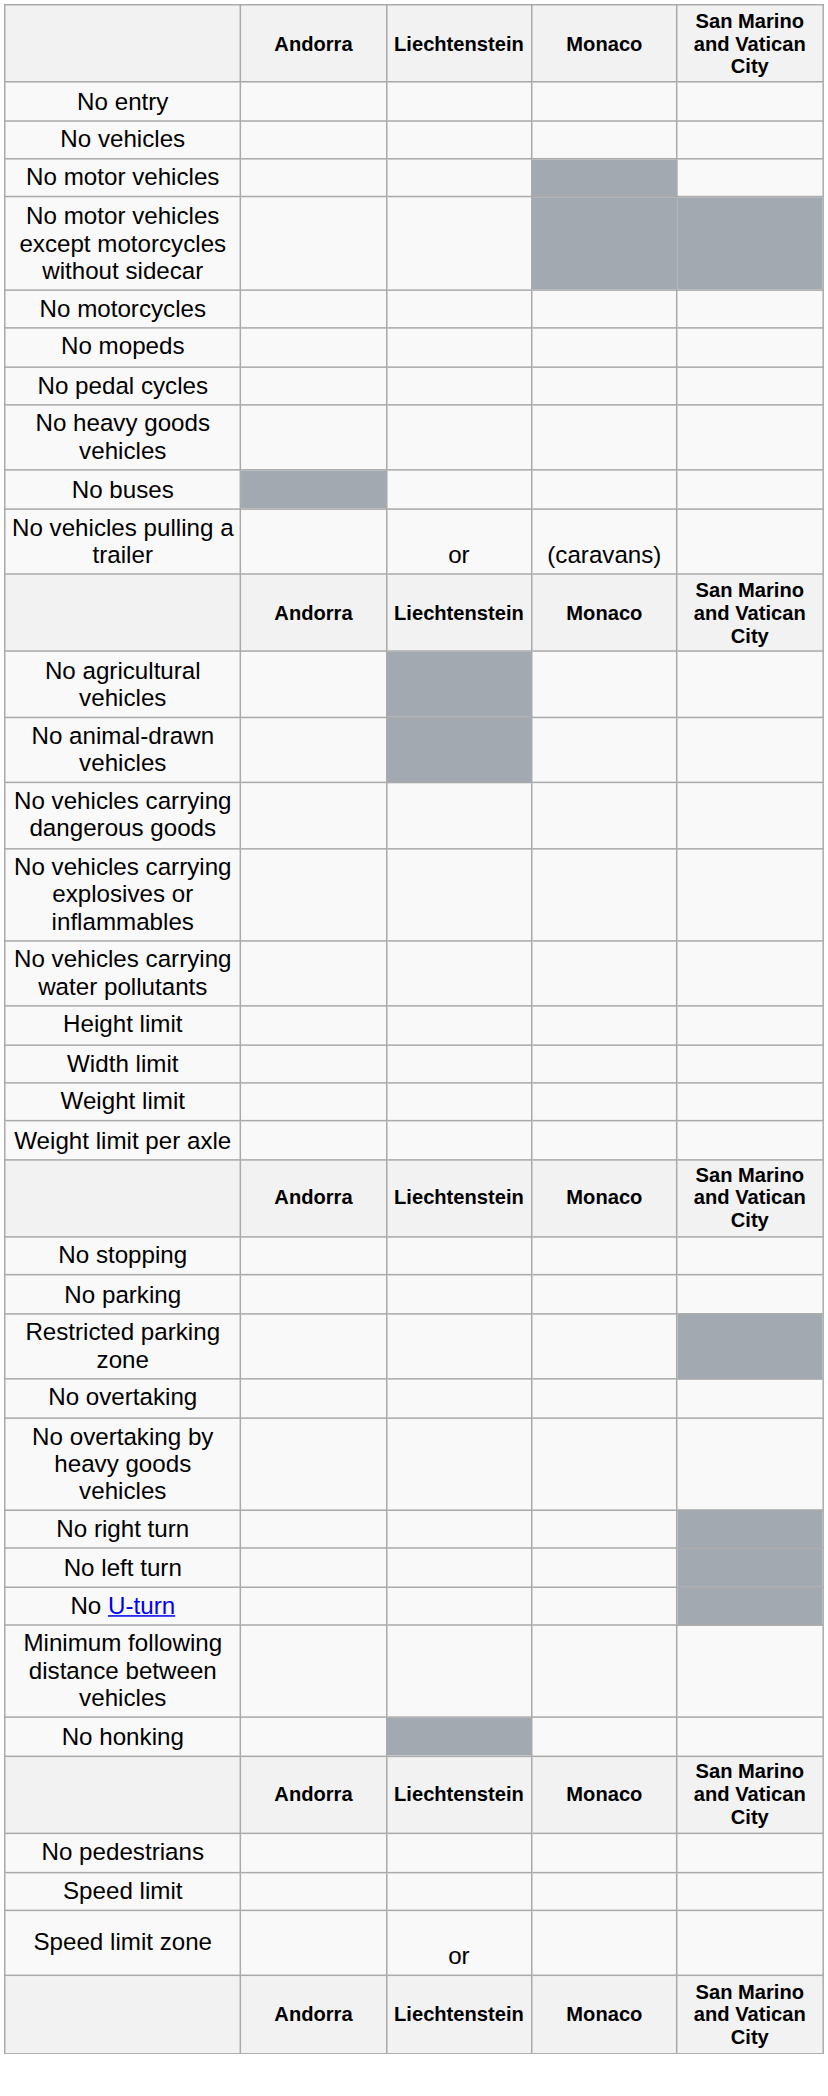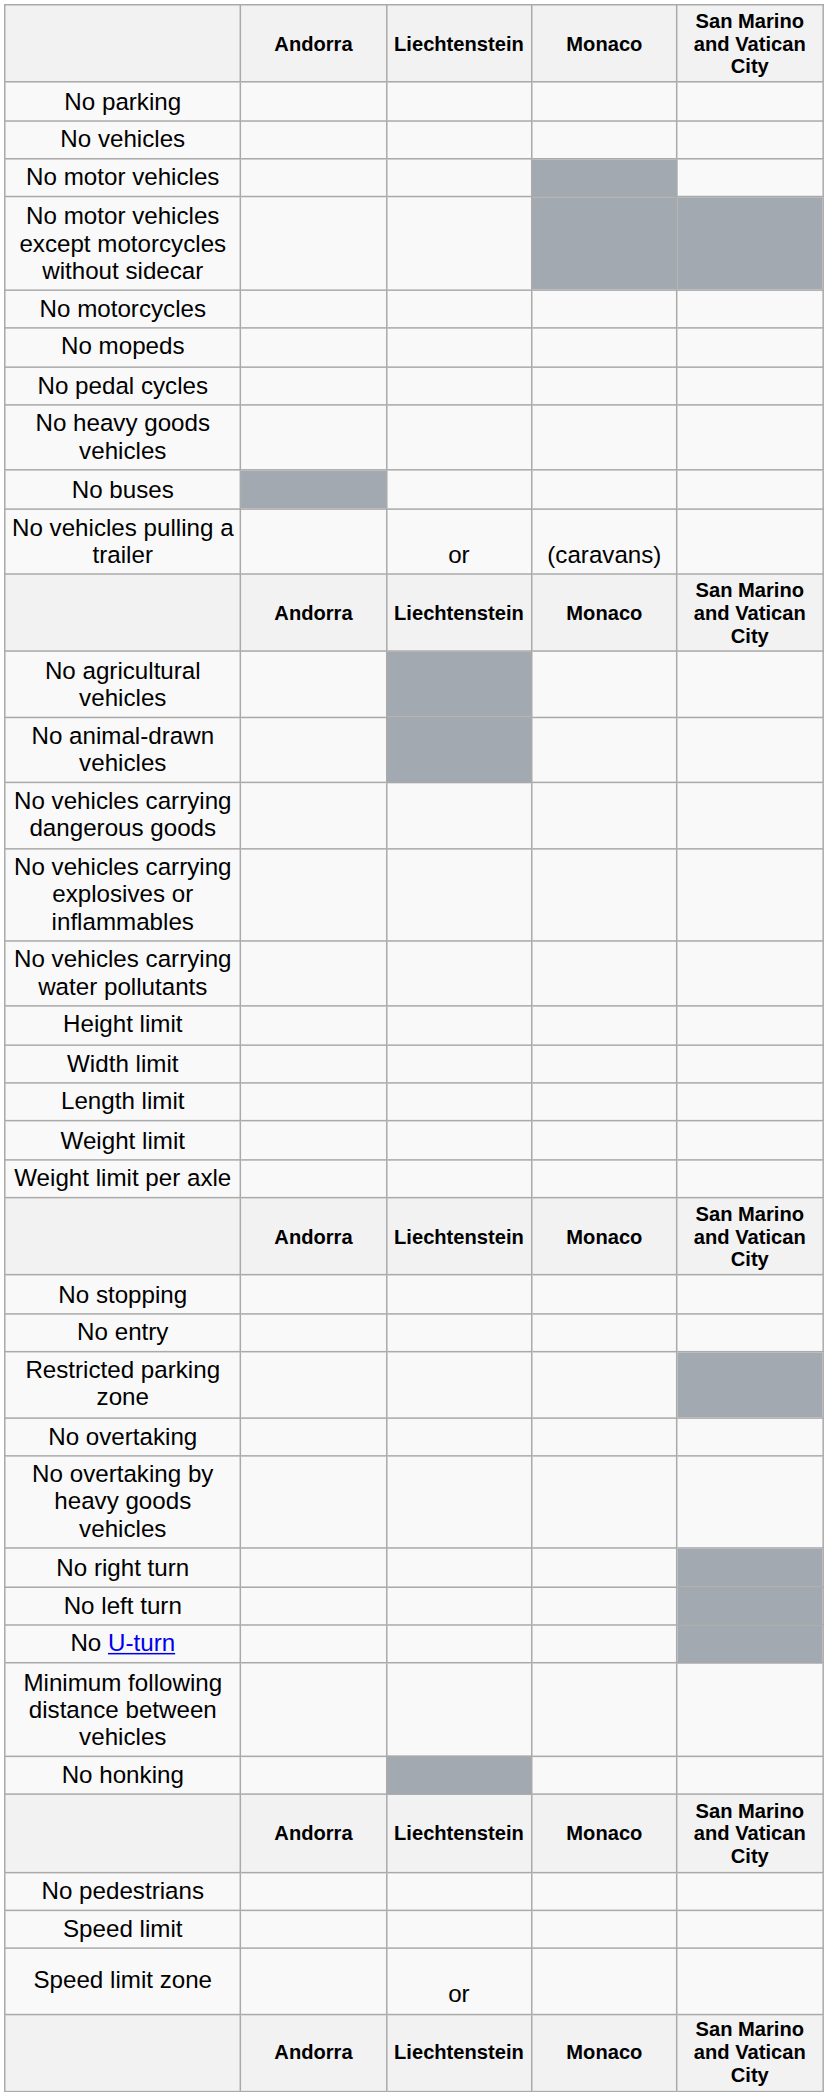 <table class="wikitable" style="text-align:center;">
 <tr style="font-size:smaller;">
 <th width="150"></th>
 <th style="width: 90px;">Andorra</th>
 <th style="width: 90px;">Liechtenstein</th>
 <th style="width: 90px;">Monaco</th>
 <th style="width: 90px;">San Marino and Vatican City</th>
 </tr>
 <tr>
-<td>No entry</td>
+<td>No parking</td>
 <td></td>
 <td></td>
 <td></td>
 <td></td>
 </tr>
 <tr>
 <td>No vehicles</td>
 <td></td>
 <td></td>
 <td></td>
 <td></td>
 </tr>
 <tr>
 <td>No motor vehicles</td>
 <td></td>
 <td></td>
 <td style="background: #a2a9b1;"></td>
 <td></td>
 </tr>
 <tr>
 <td>No motor vehicles except motorcycles without sidecar</td>
 <td></td>
 <td></td>
 <td style="background: #a2a9b1;"></td>
 <td style="background: #a2a9b1;"></td>
 </tr>
 <tr>
 <td>No motorcycles</td>
 <td></td>
 <td></td>
 <td></td>
 <td></td>
 </tr>
 <tr>
 <td>No mopeds</td>
 <td></td>
 <td></td>
 <td></td>
 <td></td>
 </tr>
 <tr>
 <td>No pedal cycles</td>
 <td></td>
 <td><br></td>
 <td></td>
 <td></td>
 </tr>
 <tr>
 <td>No heavy goods vehicles</td>
 <td></td>
 <td></td>
 <td></td>
 <td></td>
 </tr>
 <tr>
 <td>No buses</td>
 <td style="background: #a2a9b1;"></td>
 <td></td>
 <td></td>
 <td></td>
 </tr>
 <tr>
 <td>No vehicles pulling a trailer</td>
 <td></td>
 <td><br>or </td>
 <td><br>(caravans)</td>
 <td></td>
 </tr>
 <tr style="font-size:smaller;">
 <th width="150"></th>
 <th>Andorra</th>
 <th>Liechtenstein</th>
 <th>Monaco</th>
 <th>San Marino and Vatican City</th>
 </tr>
 <tr>
 <td>No agricultural vehicles</td>
 <td></td>
 <td style="background: #a2a9b1;"></td>
 <td></td>
 <td></td>
 </tr>
 <tr>
 <td>No animal-drawn vehicles</td>
 <td></td>
 <td style="background: #a2a9b1;"></td>
 <td></td>
 <td></td>
 </tr>
 <tr>
 <td>No vehicles carrying dangerous goods</td>
 <td></td>
 <td></td>
 <td></td>
 <td></td>
 </tr>
 <tr>
 <td>No vehicles carrying explosives or inflammables</td>
 <td></td>
 <td><br></td>
 <td></td>
 <td></td>
 </tr>
 <tr>
 <td>No vehicles carrying water pollutants</td>
 <td></td>
 <td></td>
 <td></td>
 <td></td>
 </tr>
 <tr>
 <td>Height limit</td>
 <td></td>
 <td></td>
 <td></td>
 <td></td>
 </tr>
 <tr>
 <td>Width limit</td>
 <td></td>
 <td></td>
 <td></td>
 <td></td>
 </tr>
 <tr>
+<td>Length limit</td>
+<td></td>
+<td></td>
+<td></td>
+<td></td>
+</tr>
+<tr>
 <td>Weight limit</td>
 <td></td>
 <td></td>
 <td></td>
 <td></td>
 </tr>
 <tr>
 <td scope="col">Weight limit per axle</td>
 <td></td>
 <td><br></td>
 <td></td>
 <td></td>
 </tr>
 <tr style="font-size:smaller;">
 <th width="150"></th>
 <th>Andorra</th>
 <th>Liechtenstein</th>
 <th>Monaco</th>
 <th>San Marino and Vatican City</th>
 </tr>
 <tr>
 <td>No stopping</td>
 <td></td>
 <td></td>
 <td></td>
 <td></td>
 </tr>
 <tr>
-<td>No parking</td>
+<td>No entry</td>
 <td></td>
 <td></td>
 <td></td>
 <td></td>
 </tr>
 <tr>
 <td>Restricted parking zone</td>
 <td></td>
 <td></td>
 <td></td>
 <td style="background: #a2a9b1;"></td>
 </tr>
 <tr>
 <td>No overtaking</td>
 <td></td>
 <td></td>
 <td></td>
 <td></td>
 </tr>
 <tr>
 <td>No overtaking by heavy goods vehicles</td>
 <td></td>
 <td></td>
 <td></td>
 <td></td>
 </tr>
 <tr>
 <td>No right turn</td>
 <td></td>
 <td></td>
 <td></td>
 <td style="background: #a2a9b1;"></td>
 </tr>
 <tr>
 <td>No left turn</td>
 <td></td>
 <td></td>
 <td></td>
 <td style="background: #a2a9b1;"></td>
 </tr>
 <tr>
 <td>No <a href='#'>U-turn</a></td>
 <td></td>
 <td></td>
 <td></td>
 <td style="background: #a2a9b1;"></td>
 </tr>
 <tr>
 <td>Minimum following distance between vehicles</td>
 <td></td>
 <td></td>
 <td></td>
 <td></td>
 </tr>
 <tr>
 <td>No honking</td>
 <td></td>
 <td style="background: #a2a9b1;"></td>
 <td></td>
 <td></td>
 </tr>
 <tr style="font-size:smaller;">
 <th width="150"></th>
 <th>Andorra</th>
 <th>Liechtenstein</th>
 <th>Monaco</th>
 <th>San Marino and Vatican City</th>
 </tr>
 <tr>
 <td>No pedestrians</td>
 <td></td>
 <td></td>
 <td></td>
 <td></td>
 </tr>
 <tr>
 <td>Speed limit</td>
 <td></td>
 <td></td>
 <td></td>
 <td></td>
 </tr>
 <tr>
 <td>Speed limit zone</td>
 <td></td>
 <td><br>or </td>
 <td></td>
 <td></td>
 </tr>
 <tr style="font-size:smaller;">
 <th width="150"></th>
 <th>Andorra</th>
 <th>Liechtenstein</th>
 <th>Monaco</th>
 <th>San Marino and Vatican City</th>
 </tr>
 </table>
